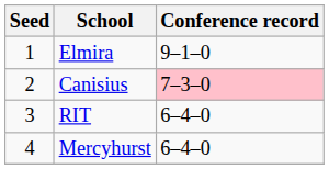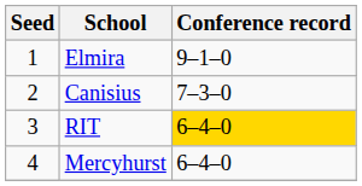 <table class="wikitable">
 <tr>
 <th>Seed</th>
 <th>School</th>
 <th>Conference record</th>
 </tr>
 <tr>
 <td align=center>1</td>
 <td><a href='#'>Elmira</a></td>
 <td>9–1–0</td>
 </tr>
 <tr>
 <td align=center>2</td>
 <td><a href='#'>Canisius</a></td>
-<td style="background: pink;">7–3–0</td>
+<td>7–3–0</td>
 </tr>
 <tr>
 <td align=center>3</td>
 <td><a href='#'>RIT</a></td>
-<td>6–4–0</td>
+<td style="background: gold;">6–4–0</td>
 </tr>
 <tr>
 <td align=center>4</td>
 <td><a href='#'>Mercyhurst</a></td>
 <td>6–4–0</td>
 </tr>
 <tr>
 </tr>
 </table>
